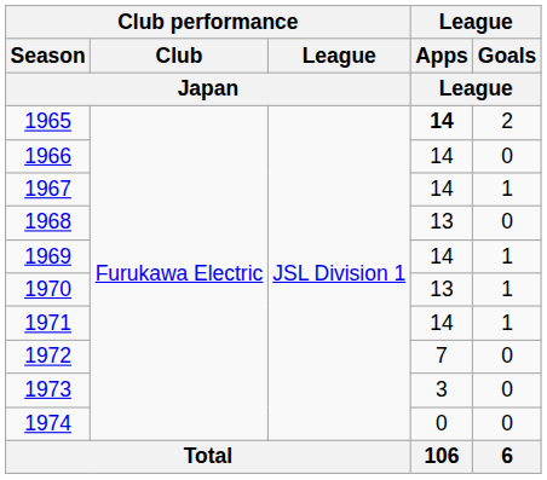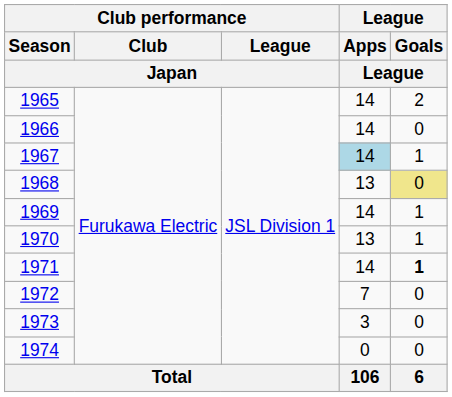 <table class="wikitable" style="text-align:center;">
 <tr>
 <th colspan=3>Club performance</th>
 <th colspan=2>League</th>
 </tr>
 <tr>
 <th>Season</th>
 <th>Club</th>
 <th>League</th>
 <th>Apps</th>
 <th>Goals</th>
 </tr>
 <tr>
 <th colspan=3>Japan</th>
 <th colspan=2>League</th>
 </tr>
 <tr>
 <td><a href='#'>1965</a></td>
 <td rowspan=10><a href='#'>Furukawa Electric</a></td>
 <td rowspan=10><a href='#'>JSL Division 1</a></td>
-<td><strong>14</strong></td>
+<td>14</td>
 <td>2</td>
 </tr>
 <tr>
 <td><a href='#'>1966</a></td>
 <td>14</td>
 <td>0</td>
 </tr>
 <tr>
 <td><a href='#'>1967</a></td>
-<td>14</td>
+<td style="background: lightblue;">14</td>
 <td>1</td>
 </tr>
 <tr>
 <td><a href='#'>1968</a></td>
 <td>13</td>
-<td>0</td>
+<td style="background: khaki;">0</td>
 </tr>
 <tr>
 <td><a href='#'>1969</a></td>
 <td>14</td>
 <td>1</td>
 </tr>
 <tr>
 <td><a href='#'>1970</a></td>
 <td>13</td>
 <td>1</td>
 </tr>
 <tr>
 <td><a href='#'>1971</a></td>
 <td>14</td>
-<td>1</td>
+<td><strong>1</strong></td>
 </tr>
 <tr>
 <td><a href='#'>1972</a></td>
 <td>7</td>
 <td>0</td>
 </tr>
 <tr>
 <td><a href='#'>1973</a></td>
 <td>3</td>
 <td>0</td>
 </tr>
 <tr>
 <td><a href='#'>1974</a></td>
 <td>0</td>
 <td>0</td>
 </tr>
 <tr>
 <th colspan=3>Total</th>
 <th>106</th>
 <th>6</th>
 </tr>
 </table>
